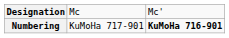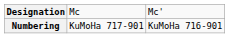 <table class="wikitable">
 <tr>
 <th>Designation</th>
 <td>Mc</td>
 <td>Mc'</td>
 </tr>
 <tr>
 <th>Numbering</th>
 <td>KuMoHa 717-901</td>
-<td><strong>KuMoHa 716-901</strong></td>
+<td>KuMoHa 716-901</td>
 </tr>
 </table>
